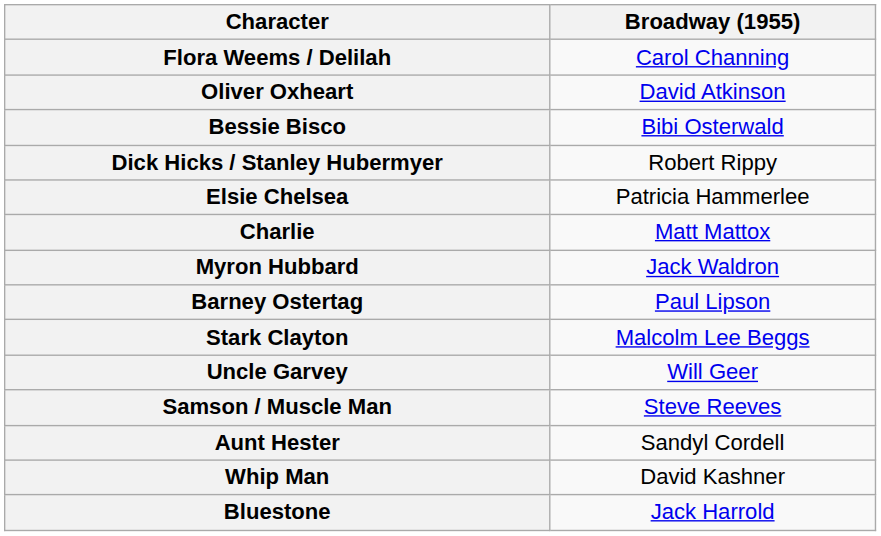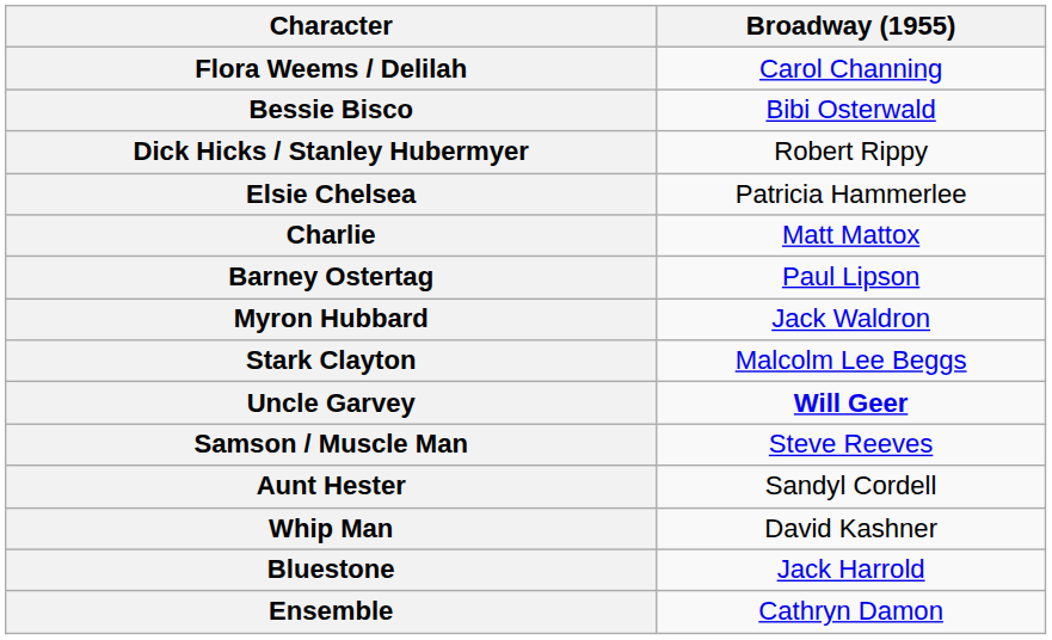 <table class="wikitable" style="width:50%; text-align:center">
 <tr>
 <th scope="col">Character</th>
 <th>Broadway (1955)</th>
 </tr>
 <tr>
 <th>Flora Weems / Delilah</th>
 <td colspan="1"><a href='#'>Carol Channing</a></td>
-</tr>
-<tr>
-<th>Oliver Oxheart</th>
-<td colspan="1"><a href='#'>David Atkinson</a></td>
 </tr>
 <tr>
 <th>Bessie Bisco</th>
 <td colspan="1”"><a href='#'>Bibi Osterwald</a></td>
 </tr>
 <tr>
 <th>Dick Hicks / Stanley Hubermyer</th>
 <td colspan="1”">Robert Rippy</td>
 </tr>
 <tr>
 <th>Elsie Chelsea</th>
 <td colspan="1">Patricia Hammerlee</td>
 </tr>
 <tr>
 <th>Charlie</th>
 <td colspan="1"><a href='#'>Matt Mattox</a></td>
 </tr>
 <tr>
+<th>Barney Ostertag</th>
+<td colspan="1"><a href='#'>Paul Lipson</a></td>
+</tr>
+<tr>
 <th>Myron Hubbard</th>
 <td colspan="1"><a href='#'>Jack Waldron</a></td>
-</tr>
-<tr>
-<th>Barney Ostertag</th>
-<td colspan="1"><a href='#'>Paul Lipson</a></td>
 </tr>
 <tr>
 <th>Stark Clayton</th>
 <td colspan="1"><a href='#'>Malcolm Lee Beggs</a></td>
 </tr>
 <tr>
 <th>Uncle Garvey</th>
-<td colspan="1"><a href='#'>Will Geer</a></td>
+<td colspan="1"><strong><a href='#'>Will Geer</a></strong></td>
 </tr>
 <tr>
 <th>Samson / Muscle Man</th>
 <td colspan="1"><a href='#'>Steve Reeves</a></td>
 </tr>
 <tr>
 <th>Aunt Hester</th>
 <td colspan="1">Sandyl Cordell</td>
 </tr>
 <tr>
 <th>Whip Man</th>
 <td colspan="1">David Kashner</td>
 </tr>
 <tr>
 <th>Bluestone</th>
 <td colspan="1"><a href='#'>Jack Harrold</a></td>
 </tr>
+<tr>
+<th>Ensemble</th>
+<td colspan="1"><a href='#'>Cathryn Damon</a></td>
+</tr>
 </table>
